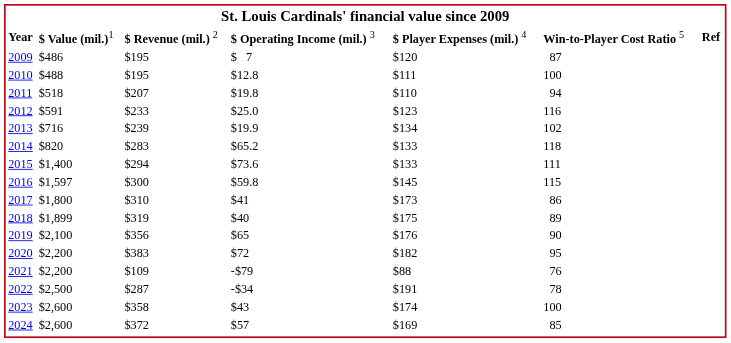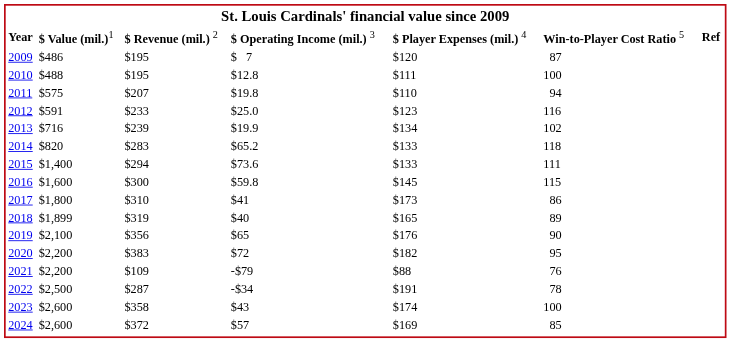 <table cellpadding="1" style="width:850px; font-size:90%; border:2px solid #BE0A14;">
 <tr style="text-align:center; font-size:larger;">
 <td colspan=7><strong>St. Louis Cardinals' financial value since 2009</strong></td>
 </tr>
 <tr style=>
 <td><strong>Year</strong></td>
 <td><strong>$ Value (mil.)</strong><sup>1</sup></td>
 <td><strong>$ Revenue (mil.)</strong> <sup>2</sup></td>
 <td><strong>$ Operating Income (mil.)</strong> <sup>3</sup></td>
 <td><strong>$ Player Expenses (mil.)</strong> <sup>4</sup></td>
 <td><strong>Win-to-Player Cost Ratio</strong> <sup>5</sup></td>
 <td><strong>Ref</strong><br></td>
 </tr>
 <tr>
 <td><a href='#'>2009</a></td>
 <td>$486</td>
 <td>$195</td>
 <td>$   7</td>
 <td>$120</td>
 <td>  87</td>
 </tr>
 <tr>
 <td><a href='#'>2010</a></td>
 <td>$488</td>
 <td>$195</td>
 <td>$12.8</td>
 <td>$111</td>
 <td>100</td>
 <td></td>
 </tr>
 <tr>
 <td><a href='#'>2011</a></td>
-<td>$518</td>
+<td>$575</td>
 <td>$207</td>
 <td>$19.8</td>
 <td>$110</td>
 <td>  94</td>
 <td></td>
 </tr>
 <tr>
 <td><a href='#'>2012</a></td>
 <td>$591</td>
 <td>$233</td>
 <td>$25.0</td>
 <td>$123</td>
 <td>116</td>
 <td></td>
 </tr>
 <tr>
 <td><a href='#'>2013</a></td>
 <td>$716</td>
 <td>$239</td>
 <td>$19.9</td>
 <td>$134</td>
 <td>102</td>
 <td></td>
 </tr>
 <tr>
 <td><a href='#'>2014</a></td>
 <td>$820</td>
 <td>$283</td>
 <td>$65.2</td>
 <td>$133</td>
 <td>118</td>
 <td></td>
 </tr>
 <tr>
 <td><a href='#'>2015</a></td>
 <td>$1,400</td>
 <td>$294</td>
 <td>$73.6</td>
 <td>$133</td>
 <td>111</td>
 <td></td>
 </tr>
 <tr>
 <td><a href='#'>2016</a></td>
-<td>$1,597</td>
+<td>$1,600</td>
 <td>$300</td>
 <td>$59.8</td>
 <td>$145</td>
 <td>115</td>
 <td></td>
 </tr>
 <tr>
 <td><a href='#'>2017</a></td>
 <td>$1,800</td>
 <td>$310</td>
 <td>$41</td>
 <td>$173</td>
 <td>  86</td>
 <td></td>
 </tr>
 <tr>
 <td><a href='#'>2018</a></td>
 <td>$1,899</td>
 <td>$319</td>
 <td>$40</td>
-<td>$175</td>
+<td>$165</td>
 <td>  89</td>
 <td></td>
 </tr>
 <tr>
 <td><a href='#'>2019</a></td>
 <td>$2,100</td>
 <td>$356</td>
 <td>$65</td>
 <td>$176</td>
 <td>  90</td>
 <td></td>
 </tr>
 <tr>
 <td><a href='#'>2020</a></td>
 <td>$2,200</td>
 <td>$383</td>
 <td>$72</td>
 <td>$182</td>
 <td>  95</td>
 <td></td>
 </tr>
 <tr>
 <td><a href='#'>2021</a></td>
 <td>$2,200</td>
 <td>$109</td>
 <td>-$79</td>
 <td>$88</td>
 <td>  76</td>
 <td></td>
 </tr>
 <tr>
 <td><a href='#'>2022</a></td>
 <td>$2,500</td>
 <td>$287</td>
 <td>-$34</td>
 <td>$191</td>
 <td>  78</td>
 <td></td>
 </tr>
 <tr>
 <td><a href='#'>2023</a></td>
 <td>$2,600</td>
 <td>$358</td>
 <td>$43</td>
 <td>$174</td>
 <td>100</td>
 <td></td>
 </tr>
 <tr>
 <td><a href='#'>2024</a></td>
 <td>$2,600</td>
 <td>$372</td>
 <td>$57</td>
 <td>$169</td>
 <td>  85</td>
 <td></td>
 </tr>
 <tr>
 </tr>
 </table>
